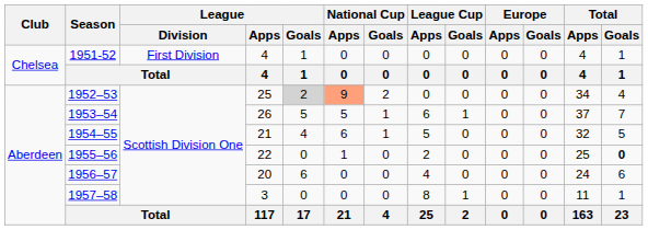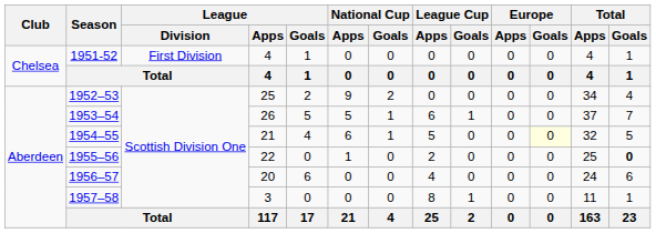 <table class="wikitable" style="text-align:center">
 <tr>
 <th rowspan="2">Club</th>
 <th rowspan="2">Season</th>
 <th colspan="3">League</th>
 <th colspan="2">National Cup</th>
 <th colspan="2">League Cup</th>
 <th colspan="2">Europe</th>
 <th colspan="2">Total</th>
 </tr>
 <tr>
 <th>Division</th>
 <th>Apps</th>
 <th>Goals</th>
 <th>Apps</th>
 <th>Goals</th>
 <th>Apps</th>
 <th>Goals</th>
 <th>Apps</th>
 <th>Goals</th>
 <th>Apps</th>
 <th>Goals</th>
 </tr>
 <tr>
 <td rowspan="2"><a href='#'>Chelsea</a></td>
 <td><a href='#'>1951-52</a></td>
 <td><a href='#'>First Division</a></td>
 <td>4</td>
 <td>1</td>
 <td>0</td>
 <td>0</td>
 <td>0</td>
 <td>0</td>
 <td>0</td>
 <td>0</td>
 <td>4</td>
 <td>1</td>
 </tr>
 <tr>
 <th colspan="2">Total</th>
 <th>4</th>
 <th>1</th>
 <th>0</th>
 <th>0</th>
 <th>0</th>
 <th>0</th>
 <th>0</th>
 <th>0</th>
 <th>4</th>
 <th>1</th>
 </tr>
 <tr>
 <td rowspan="7"><a href='#'>Aberdeen</a></td>
 <td><a href='#'>1952–53</a></td>
 <td rowspan="6"><a href='#'>Scottish Division One</a></td>
 <td>25</td>
-<td style="background: lightgrey;">2</td>
-<td style="background: lightsalmon;">9</td>
+<td>2</td>
+<td>9</td>
 <td>2</td>
 <td>0</td>
 <td>0</td>
 <td>0</td>
 <td>0</td>
 <td>34</td>
 <td>4</td>
 </tr>
 <tr>
 <td><a href='#'>1953–54</a></td>
 <td>26</td>
 <td>5</td>
 <td>5</td>
 <td>1</td>
 <td>6</td>
 <td>1</td>
 <td>0</td>
 <td>0</td>
 <td>37</td>
 <td>7</td>
 </tr>
 <tr>
 <td><a href='#'>1954–55</a></td>
 <td>21</td>
 <td>4</td>
 <td>6</td>
 <td>1</td>
 <td>5</td>
 <td>0</td>
 <td>0</td>
-<td>0</td>
+<td style="background: lightyellow;">0</td>
 <td>32</td>
 <td>5</td>
 </tr>
 <tr>
 <td><a href='#'>1955–56</a></td>
 <td>22</td>
 <td>0</td>
 <td>1</td>
 <td>0</td>
 <td>2</td>
 <td>0</td>
 <td>0</td>
 <td>0</td>
 <td>25</td>
 <td><strong>0</strong></td>
 </tr>
 <tr>
 <td><a href='#'>1956–57</a></td>
 <td>20</td>
 <td>6</td>
 <td>0</td>
 <td>0</td>
 <td>4</td>
 <td>0</td>
 <td>0</td>
 <td>0</td>
 <td>24</td>
 <td>6</td>
 </tr>
 <tr>
 <td><a href='#'>1957–58</a></td>
 <td>3</td>
 <td>0</td>
 <td>0</td>
 <td>0</td>
 <td>8</td>
 <td>1</td>
 <td>0</td>
 <td>0</td>
 <td>11</td>
 <td>1</td>
 </tr>
 <tr>
 <th colspan="2">Total</th>
 <th>117</th>
 <th>17</th>
 <th>21</th>
 <th>4</th>
 <th>25</th>
 <th>2</th>
 <th>0</th>
 <th>0</th>
 <th>163</th>
 <th>23</th>
 </tr>
 </table>
